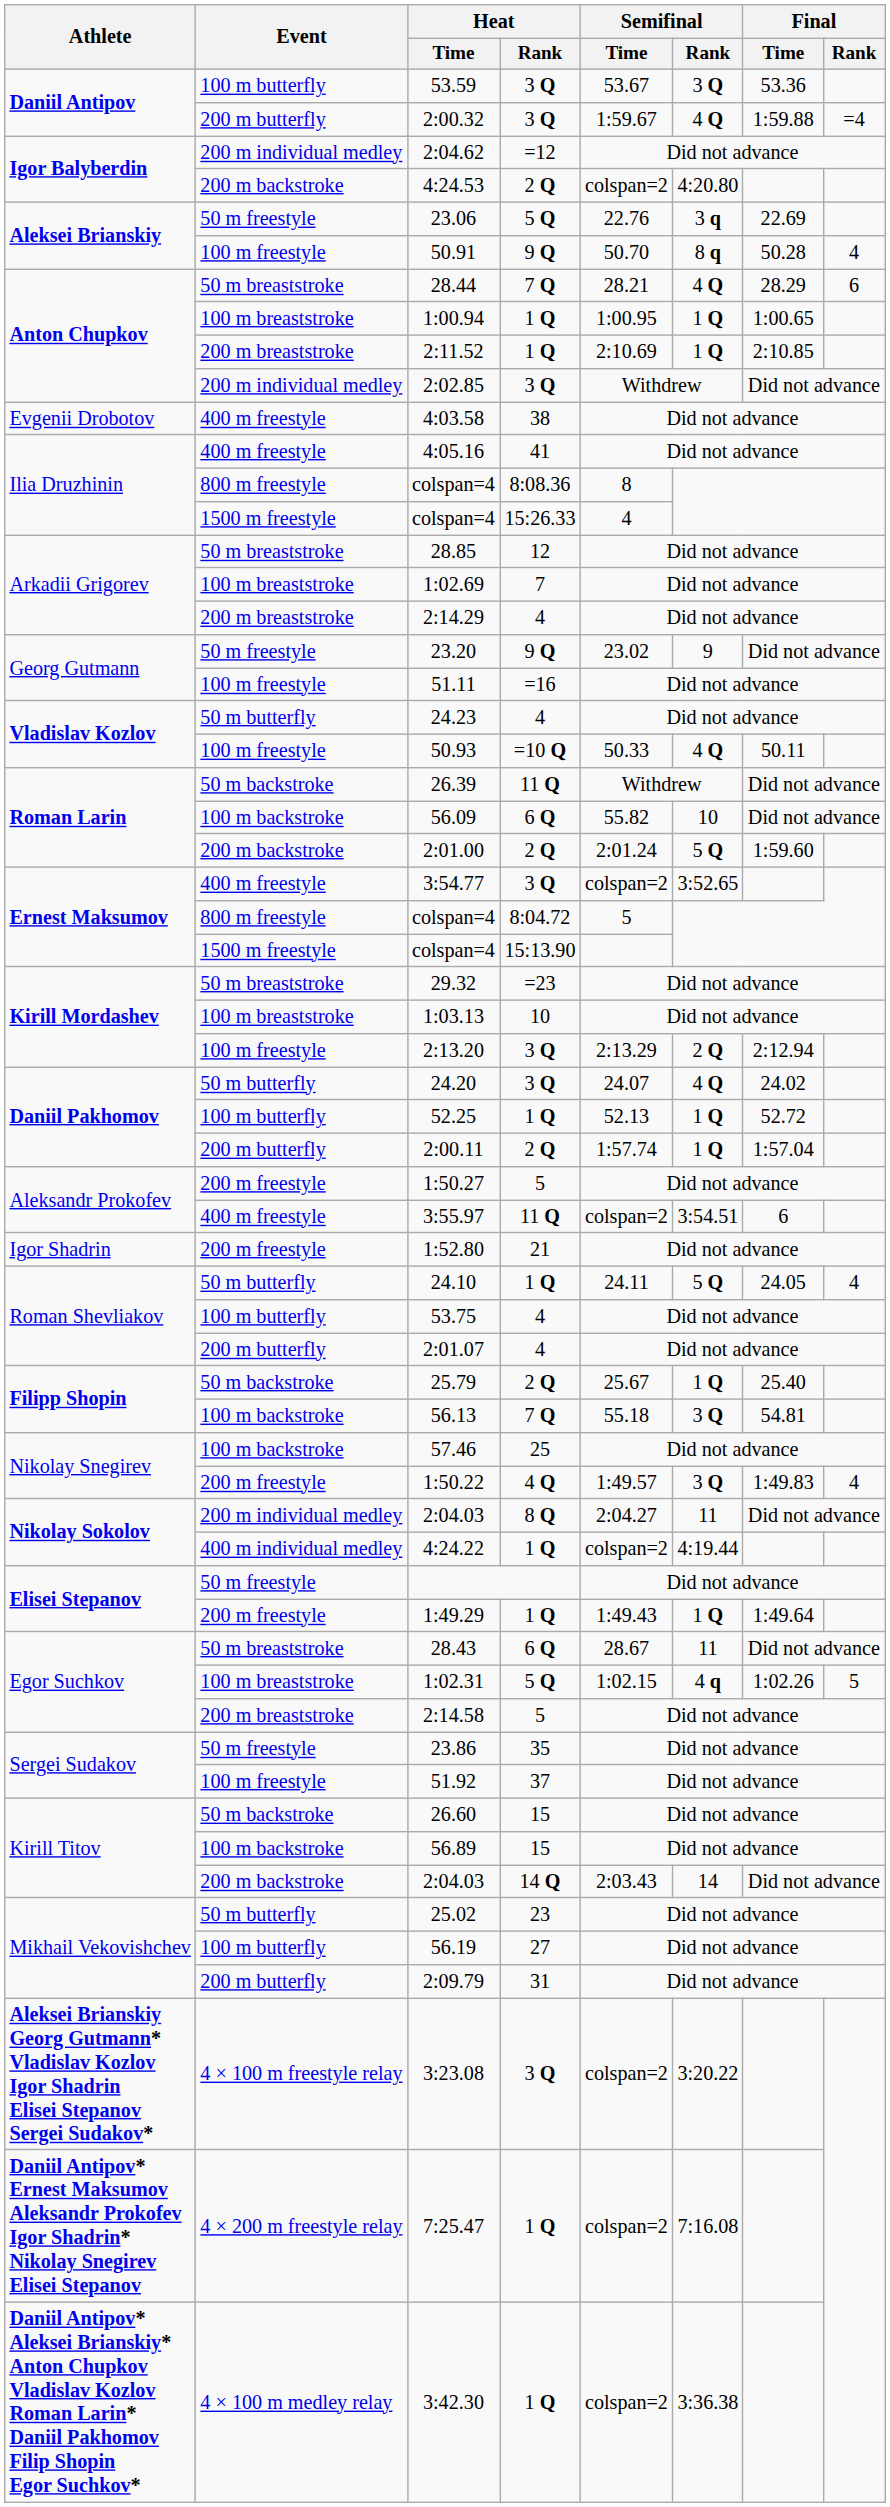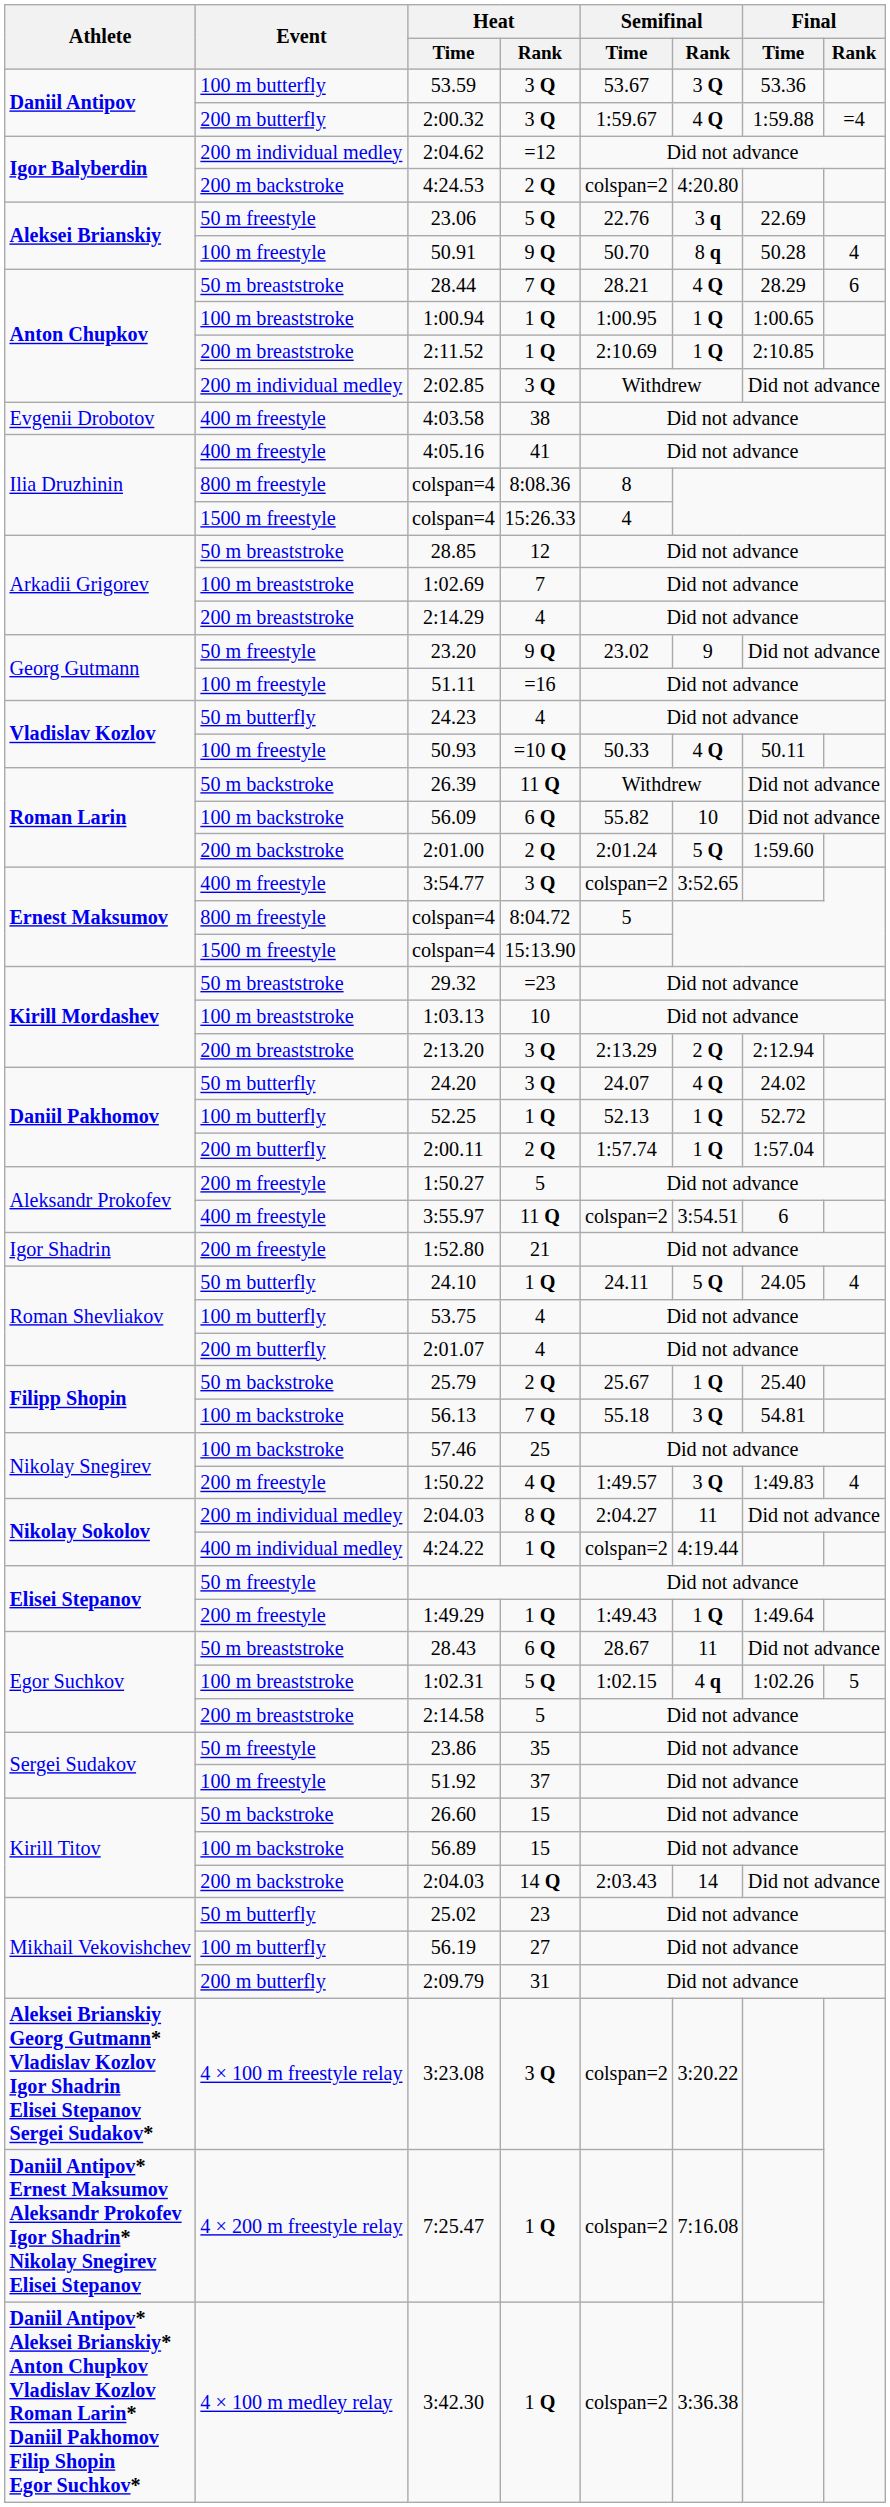 <table class="wikitable" style="text-align:center; font-size:90%">
 <tr>
 <th rowspan=2>Athlete</th>
 <th rowspan=2>Event</th>
 <th colspan=2>Heat</th>
 <th colspan=2>Semifinal</th>
 <th colspan=2>Final</th>
 </tr>
 <tr style="font-size:95%">
 <th>Time</th>
 <th>Rank</th>
 <th>Time</th>
 <th>Rank</th>
 <th>Time</th>
 <th>Rank</th>
 </tr>
 <tr>
 <td rowspan=2 align=left><strong><a href='#'>Daniil Antipov</a></strong></td>
 <td align=left><a href='#'>100 m butterfly</a></td>
 <td>53.59</td>
 <td>3 <strong>Q</strong></td>
 <td>53.67</td>
 <td>3 <strong>Q</strong></td>
 <td>53.36</td>
 <td></td>
 </tr>
 <tr>
 <td align=left><a href='#'>200 m butterfly</a></td>
 <td>2:00.32</td>
 <td>3 <strong>Q</strong></td>
 <td>1:59.67</td>
 <td>4 <strong>Q</strong></td>
 <td>1:59.88</td>
 <td>=4</td>
 </tr>
 <tr>
 <td rowspan=2 align=left><strong><a href='#'>Igor Balyberdin</a></strong></td>
 <td align=left><a href='#'>200 m individual medley</a></td>
 <td>2:04.62</td>
 <td>=12</td>
 <td colspan=4>Did not advance</td>
 </tr>
 <tr>
 <td align=left><a href='#'>200 m backstroke</a></td>
 <td>4:24.53</td>
 <td>2 <strong>Q</strong></td>
 <td>colspan=2 </td>
 <td>4:20.80</td>
 <td></td>
 </tr>
 <tr>
 <td rowspan=2 align=left><strong><a href='#'>Aleksei Brianskiy</a></strong></td>
 <td align=left><a href='#'>50 m freestyle</a></td>
 <td>23.06</td>
 <td>5 <strong>Q</strong></td>
 <td>22.76</td>
 <td>3 <strong>q</strong></td>
 <td>22.69</td>
 <td></td>
 </tr>
 <tr>
 <td align=left><a href='#'>100 m freestyle</a></td>
 <td>50.91</td>
 <td>9 <strong>Q</strong></td>
 <td>50.70</td>
 <td>8 <strong>q</strong></td>
 <td>50.28</td>
 <td>4</td>
 </tr>
 <tr>
 <td rowspan=4 align=left><strong><a href='#'>Anton Chupkov</a></strong></td>
 <td align=left><a href='#'>50 m breaststroke</a></td>
 <td>28.44</td>
 <td>7 <strong>Q</strong></td>
 <td>28.21</td>
 <td>4 <strong>Q</strong></td>
 <td>28.29</td>
 <td>6</td>
 </tr>
 <tr>
 <td align=left><a href='#'>100 m breaststroke</a></td>
 <td>1:00.94</td>
 <td>1 <strong>Q</strong></td>
 <td>1:00.95</td>
 <td>1 <strong>Q</strong></td>
 <td>1:00.65</td>
 <td></td>
 </tr>
 <tr>
 <td align=left><a href='#'>200 m breaststroke</a></td>
 <td>2:11.52</td>
 <td>1 <strong>Q</strong></td>
 <td>2:10.69</td>
 <td>1 <strong>Q</strong></td>
 <td>2:10.85</td>
 <td></td>
 </tr>
 <tr>
 <td align=left><a href='#'>200 m individual medley</a></td>
 <td>2:02.85</td>
 <td>3 <strong>Q</strong></td>
 <td colspan=2>Withdrew</td>
 <td colspan=2>Did not advance</td>
 </tr>
 <tr>
 <td align=left><a href='#'>Evgenii Drobotov</a></td>
 <td align=left><a href='#'>400 m freestyle</a></td>
 <td>4:03.58</td>
 <td>38</td>
 <td colspan=4>Did not advance</td>
 </tr>
 <tr>
 <td rowspan=3 align=left><a href='#'>Ilia Druzhinin</a></td>
 <td align=left><a href='#'>400 m freestyle</a></td>
 <td>4:05.16</td>
 <td>41</td>
 <td colspan=4>Did not advance</td>
 </tr>
 <tr>
 <td align=left><a href='#'>800 m freestyle</a></td>
 <td>colspan=4 </td>
 <td>8:08.36</td>
 <td>8</td>
 </tr>
 <tr>
 <td align=left><a href='#'>1500 m freestyle</a></td>
 <td>colspan=4 </td>
 <td>15:26.33</td>
 <td>4</td>
 </tr>
 <tr>
 <td rowspan=3 align=left><a href='#'>Arkadii Grigorev</a></td>
 <td align=left><a href='#'>50 m breaststroke</a></td>
 <td>28.85</td>
 <td>12</td>
 <td colspan=4>Did not advance</td>
 </tr>
 <tr>
 <td align=left><a href='#'>100 m breaststroke</a></td>
 <td>1:02.69</td>
 <td>7</td>
 <td colspan=4>Did not advance</td>
 </tr>
 <tr>
 <td align=left><a href='#'>200 m breaststroke</a></td>
 <td>2:14.29</td>
 <td>4</td>
 <td colspan=4>Did not advance</td>
 </tr>
 <tr>
 <td rowspan=2 align=left><a href='#'>Georg Gutmann</a></td>
 <td align=left><a href='#'>50 m freestyle</a></td>
 <td>23.20</td>
 <td>9 <strong>Q</strong></td>
 <td>23.02</td>
 <td>9</td>
 <td colspan=2>Did not advance</td>
 </tr>
 <tr>
 <td align=left><a href='#'>100 m freestyle</a></td>
 <td>51.11</td>
 <td>=16</td>
 <td colspan=4>Did not advance</td>
 </tr>
 <tr>
 <td rowspan=2 align=left><strong><a href='#'>Vladislav Kozlov</a></strong></td>
 <td align=left><a href='#'>50 m butterfly</a></td>
 <td>24.23</td>
 <td>4</td>
 <td colspan=4>Did not advance</td>
 </tr>
 <tr>
 <td align=left><a href='#'>100 m freestyle</a></td>
 <td>50.93</td>
 <td>=10 <strong>Q</strong></td>
 <td>50.33</td>
 <td>4 <strong>Q</strong></td>
 <td>50.11</td>
 <td></td>
 </tr>
 <tr>
 <td rowspan=3 align=left><strong><a href='#'>Roman Larin</a></strong></td>
 <td align=left><a href='#'>50 m backstroke</a></td>
 <td>26.39</td>
 <td>11 <strong>Q</strong></td>
 <td colspan=2>Withdrew</td>
 <td colspan=2>Did not advance</td>
 </tr>
 <tr>
 <td align=left><a href='#'>100 m backstroke</a></td>
 <td>56.09</td>
 <td>6 <strong>Q</strong></td>
 <td>55.82</td>
 <td>10</td>
 <td colspan=2>Did not advance</td>
 </tr>
 <tr>
 <td align=left><a href='#'>200 m backstroke</a></td>
 <td>2:01.00</td>
 <td>2 <strong>Q</strong></td>
 <td>2:01.24</td>
 <td>5 <strong>Q</strong></td>
 <td>1:59.60</td>
 <td></td>
 </tr>
 <tr>
 <td rowspan=3 align=left><strong><a href='#'>Ernest Maksumov</a></strong></td>
 <td align=left><a href='#'>400 m freestyle</a></td>
 <td>3:54.77</td>
 <td>3 <strong>Q</strong></td>
 <td>colspan=2 </td>
 <td>3:52.65</td>
 <td></td>
 </tr>
 <tr>
 <td align=left><a href='#'>800 m freestyle</a></td>
 <td>colspan=4 </td>
 <td>8:04.72</td>
 <td>5</td>
 </tr>
 <tr>
 <td align=left><a href='#'>1500 m freestyle</a></td>
 <td>colspan=4 </td>
 <td>15:13.90</td>
 <td></td>
 </tr>
 <tr>
 <td rowspan=3 align=left><strong><a href='#'>Kirill Mordashev</a></strong></td>
 <td align=left><a href='#'>50 m breaststroke</a></td>
 <td>29.32</td>
 <td>=23</td>
 <td colspan=4>Did not advance</td>
 </tr>
 <tr>
 <td align=left><a href='#'>100 m breaststroke</a></td>
 <td>1:03.13</td>
 <td>10</td>
 <td colspan=4>Did not advance</td>
 </tr>
 <tr>
-<td align=left><a href='#'>100 m freestyle</a></td>
+<td align=left><a href='#'>200 m breaststroke</a></td>
 <td>2:13.20</td>
 <td>3 <strong>Q</strong></td>
 <td>2:13.29</td>
 <td>2 <strong>Q</strong></td>
 <td>2:12.94</td>
 <td></td>
 </tr>
 <tr>
 <td rowspan=3 align=left><strong><a href='#'>Daniil Pakhomov</a></strong></td>
 <td align=left><a href='#'>50 m butterfly</a></td>
 <td>24.20</td>
 <td>3 <strong>Q</strong></td>
 <td>24.07</td>
 <td>4 <strong>Q</strong></td>
 <td>24.02</td>
 <td></td>
 </tr>
 <tr>
 <td align=left><a href='#'>100 m butterfly</a></td>
 <td>52.25</td>
 <td>1 <strong>Q</strong></td>
 <td>52.13</td>
 <td>1 <strong>Q</strong></td>
 <td>52.72</td>
 <td></td>
 </tr>
 <tr>
 <td align=left><a href='#'>200 m butterfly</a></td>
 <td>2:00.11</td>
 <td>2 <strong>Q</strong></td>
 <td>1:57.74</td>
 <td>1 <strong>Q</strong></td>
 <td>1:57.04</td>
 <td></td>
 </tr>
 <tr>
 <td rowspan=2 align=left><a href='#'>Aleksandr Prokofev</a></td>
 <td align=left><a href='#'>200 m freestyle</a></td>
 <td>1:50.27</td>
 <td>5</td>
 <td colspan=4>Did not advance</td>
 </tr>
 <tr>
 <td align=left><a href='#'>400 m freestyle</a></td>
 <td>3:55.97</td>
 <td>11 <strong>Q</strong></td>
 <td>colspan=2 </td>
 <td>3:54.51</td>
 <td>6</td>
 </tr>
 <tr>
 <td align=left><a href='#'>Igor Shadrin</a></td>
 <td align=left><a href='#'>200 m freestyle</a></td>
 <td>1:52.80</td>
 <td>21</td>
 <td colspan=4>Did not advance</td>
 </tr>
 <tr>
 <td rowspan=3 align=left><a href='#'>Roman Shevliakov</a></td>
 <td align=left><a href='#'>50 m butterfly</a></td>
 <td>24.10</td>
 <td>1 <strong>Q</strong></td>
 <td>24.11</td>
 <td>5 <strong>Q</strong></td>
 <td>24.05</td>
 <td>4</td>
 </tr>
 <tr>
 <td align=left><a href='#'>100 m butterfly</a></td>
 <td>53.75</td>
 <td>4</td>
 <td colspan=4>Did not advance</td>
 </tr>
 <tr>
 <td align=left><a href='#'>200 m butterfly</a></td>
 <td>2:01.07</td>
 <td>4</td>
 <td colspan=4>Did not advance</td>
 </tr>
 <tr>
 <td rowspan=2 align=left><strong><a href='#'>Filipp Shopin</a></strong></td>
 <td align=left><a href='#'>50 m backstroke</a></td>
 <td>25.79</td>
 <td>2 <strong>Q</strong></td>
 <td>25.67</td>
 <td>1 <strong>Q</strong></td>
 <td>25.40</td>
 <td></td>
 </tr>
 <tr>
 <td align=left><a href='#'>100 m backstroke</a></td>
 <td>56.13</td>
 <td>7 <strong>Q</strong></td>
 <td>55.18</td>
 <td>3 <strong>Q</strong></td>
 <td>54.81</td>
 <td></td>
 </tr>
 <tr>
 <td rowspan=2 align=left><a href='#'>Nikolay Snegirev</a></td>
 <td align=left><a href='#'>100 m backstroke</a></td>
 <td>57.46</td>
 <td>25</td>
 <td colspan=4>Did not advance</td>
 </tr>
 <tr>
 <td align=left><a href='#'>200 m freestyle</a></td>
 <td>1:50.22</td>
 <td>4 <strong>Q</strong></td>
 <td>1:49.57</td>
 <td>3 <strong>Q</strong></td>
 <td>1:49.83</td>
 <td>4</td>
 </tr>
 <tr>
 <td rowspan=2 align=left><strong><a href='#'>Nikolay Sokolov</a></strong></td>
 <td align=left><a href='#'>200 m individual medley</a></td>
 <td>2:04.03</td>
 <td>8 <strong>Q</strong></td>
 <td>2:04.27</td>
 <td>11</td>
 <td colspan=2>Did not advance</td>
 </tr>
 <tr>
 <td align=left><a href='#'>400 m individual medley</a></td>
 <td>4:24.22</td>
 <td>1 <strong>Q</strong></td>
 <td>colspan=2 </td>
 <td>4:19.44</td>
 <td></td>
 </tr>
 <tr>
 <td rowspan=2 align=left><strong><a href='#'>Elisei Stepanov</a></strong></td>
 <td align=left><a href='#'>50 m freestyle</a></td>
 <td colspan=2></td>
 <td colspan=4>Did not advance</td>
 </tr>
 <tr>
 <td align=left><a href='#'>200 m freestyle</a></td>
 <td>1:49.29</td>
 <td>1 <strong>Q</strong></td>
 <td>1:49.43</td>
 <td>1 <strong>Q</strong></td>
 <td>1:49.64</td>
 <td></td>
 </tr>
 <tr>
 <td rowspan=3 align=left><a href='#'>Egor Suchkov</a></td>
 <td align=left><a href='#'>50 m breaststroke</a></td>
 <td>28.43</td>
 <td>6 <strong>Q</strong></td>
 <td>28.67</td>
 <td>11</td>
 <td colspan=2>Did not advance</td>
 </tr>
 <tr>
 <td align=left><a href='#'>100 m breaststroke</a></td>
 <td>1:02.31</td>
 <td>5 <strong>Q</strong></td>
 <td>1:02.15</td>
 <td>4 <strong>q</strong></td>
 <td>1:02.26</td>
 <td>5</td>
 </tr>
 <tr>
 <td align=left><a href='#'>200 m breaststroke</a></td>
 <td>2:14.58</td>
 <td>5</td>
 <td colspan=4>Did not advance</td>
 </tr>
 <tr>
 <td rowspan=2 align=left><a href='#'>Sergei Sudakov</a></td>
 <td align=left><a href='#'>50 m freestyle</a></td>
 <td>23.86</td>
 <td>35</td>
 <td colspan=4>Did not advance</td>
 </tr>
 <tr>
 <td align=left><a href='#'>100 m freestyle</a></td>
 <td>51.92</td>
 <td>37</td>
 <td colspan=4>Did not advance</td>
 </tr>
 <tr>
 <td rowspan=3 align=left><a href='#'>Kirill Titov</a></td>
 <td align=left><a href='#'>50 m backstroke</a></td>
 <td>26.60</td>
 <td>15</td>
 <td colspan=4>Did not advance</td>
 </tr>
 <tr>
 <td align=left><a href='#'>100 m backstroke</a></td>
 <td>56.89</td>
 <td>15</td>
 <td colspan=4>Did not advance</td>
 </tr>
 <tr>
 <td align=left><a href='#'>200 m backstroke</a></td>
 <td>2:04.03</td>
 <td>14 <strong>Q</strong></td>
 <td>2:03.43</td>
 <td>14</td>
 <td colspan=2>Did not advance</td>
 </tr>
 <tr>
 <td rowspan=3 align=left><a href='#'>Mikhail Vekovishchev</a></td>
 <td align=left><a href='#'>50 m butterfly</a></td>
 <td>25.02</td>
 <td>23</td>
 <td colspan=4>Did not advance</td>
 </tr>
 <tr>
 <td align=left><a href='#'>100 m butterfly</a></td>
 <td>56.19</td>
 <td>27</td>
 <td colspan=4>Did not advance</td>
 </tr>
 <tr>
 <td align=left><a href='#'>200 m butterfly</a></td>
 <td>2:09.79</td>
 <td>31</td>
 <td colspan=4>Did not advance</td>
 </tr>
 <tr>
 <td align=left><strong><a href='#'>Aleksei Brianskiy</a><br><a href='#'>Georg Gutmann</a>*<br><a href='#'>Vladislav Kozlov</a><br><a href='#'>Igor Shadrin</a><br><a href='#'>Elisei Stepanov</a><br><a href='#'>Sergei Sudakov</a>*</strong></td>
 <td align=left><a href='#'>4 × 100 m freestyle relay</a></td>
 <td>3:23.08</td>
 <td>3 <strong>Q</strong></td>
 <td>colspan=2 </td>
 <td>3:20.22</td>
 <td></td>
 </tr>
 <tr>
 <td align=left><strong><a href='#'>Daniil Antipov</a>*<br><a href='#'>Ernest Maksumov</a><br><a href='#'>Aleksandr Prokofev</a><br><a href='#'>Igor Shadrin</a>*<br><a href='#'>Nikolay Snegirev</a><br><a href='#'>Elisei Stepanov</a></strong></td>
 <td align=left><a href='#'>4 × 200 m freestyle relay</a></td>
 <td>7:25.47</td>
 <td>1 <strong>Q</strong></td>
 <td>colspan=2 </td>
 <td>7:16.08</td>
 <td></td>
 </tr>
 <tr>
 <td align=left><strong><a href='#'>Daniil Antipov</a>*<br><a href='#'>Aleksei Brianskiy</a>*<br><a href='#'>Anton Chupkov</a><br><a href='#'>Vladislav Kozlov</a><br><a href='#'>Roman Larin</a>*<br><a href='#'>Daniil Pakhomov</a><br><a href='#'>Filip Shopin</a><br><a href='#'>Egor Suchkov</a>*</strong></td>
 <td align=left><a href='#'>4 × 100 m medley relay</a></td>
 <td>3:42.30</td>
 <td>1 <strong>Q</strong></td>
 <td>colspan=2 </td>
 <td>3:36.38</td>
 <td></td>
 </tr>
 </table>
